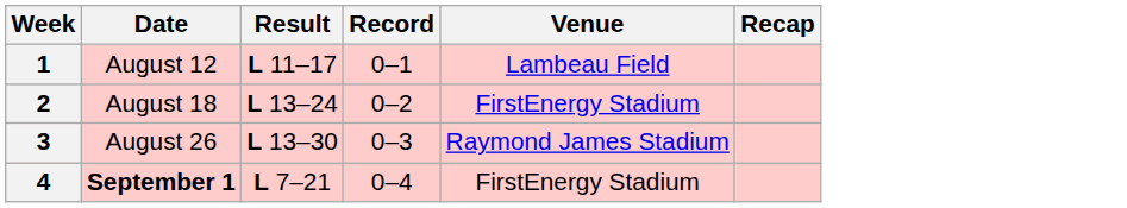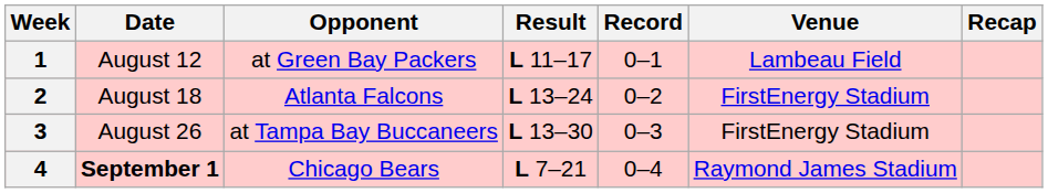 <table class="wikitable" style="text-align:center">
 <tr>
 <th>Week</th>
 <th>Date</th>
+<th>Opponent</th>
 <th>Result</th>
 <th>Record</th>
 <th>Venue</th>
 <th>Recap</th>
 </tr>
 <tr style="background:#fcc">
 <th>1</th>
 <td>August 12</td>
+<td>at <a href='#'>Green Bay Packers</a></td>
 <td><strong>L</strong> 11–17</td>
 <td>0–1</td>
 <td><a href='#'>Lambeau Field</a></td>
 <td></td>
 </tr>
 <tr style="background:#fcc">
 <th>2</th>
 <td>August 18</td>
+<td><a href='#'>Atlanta Falcons</a></td>
 <td><strong>L</strong> 13–24</td>
 <td>0–2</td>
 <td><a href='#'>FirstEnergy Stadium</a></td>
 <td></td>
 </tr>
 <tr style="background:#fcc">
 <th>3</th>
 <td>August 26</td>
+<td>at <a href='#'>Tampa Bay Buccaneers</a></td>
 <td><strong>L</strong> 13–30</td>
 <td>0–3</td>
-<td><a href='#'>Raymond James Stadium</a></td>
+<td>FirstEnergy Stadium</td>
 <td></td>
 </tr>
 <tr style="background:#fcc">
 <th>4</th>
 <td><strong>September 1</strong></td>
+<td><a href='#'>Chicago Bears</a></td>
 <td><strong>L</strong> 7–21</td>
 <td>0–4</td>
-<td>FirstEnergy Stadium</td>
+<td><a href='#'>Raymond James Stadium</a></td>
 <td></td>
 </tr>
 </table>
